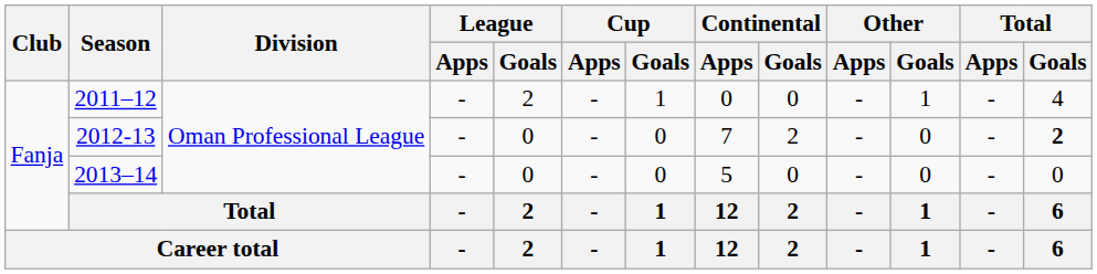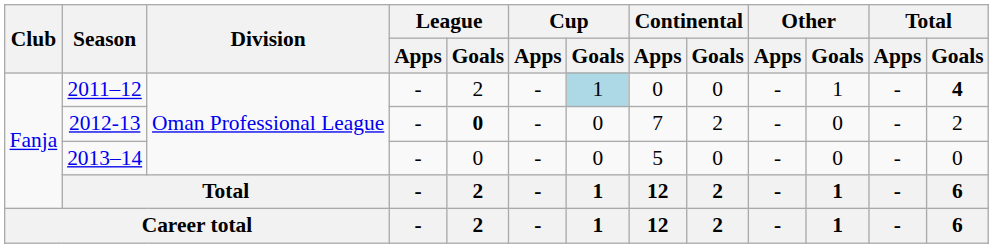 <table class="wikitable" style="text-align: center;">
 <tr>
 <th rowspan="2">Club</th>
 <th rowspan="2">Season</th>
 <th rowspan="2">Division</th>
 <th colspan="2">League</th>
 <th colspan="2">Cup</th>
 <th colspan="2">Continental</th>
 <th colspan="2">Other</th>
 <th colspan="2">Total</th>
 </tr>
 <tr>
 <th>Apps</th>
 <th>Goals</th>
 <th>Apps</th>
 <th>Goals</th>
 <th>Apps</th>
 <th>Goals</th>
 <th>Apps</th>
 <th>Goals</th>
 <th>Apps</th>
 <th>Goals</th>
 </tr>
 <tr>
 <td rowspan="4"><a href='#'>Fanja</a></td>
 <td><a href='#'>2011–12</a></td>
 <td rowspan="3"><a href='#'>Oman Professional League</a></td>
 <td>-</td>
 <td>2</td>
 <td>-</td>
-<td>1</td>
+<td style="background: lightblue;">1</td>
 <td>0</td>
 <td>0</td>
 <td>-</td>
 <td>1</td>
 <td>-</td>
-<td>4</td>
+<td><strong>4</strong></td>
 </tr>
 <tr>
 <td><a href='#'>2012-13</a></td>
 <td>-</td>
-<td>0</td>
+<td><strong>0</strong></td>
 <td>-</td>
 <td>0</td>
 <td>7</td>
 <td>2</td>
 <td>-</td>
 <td>0</td>
 <td>-</td>
-<td><strong>2</strong></td>
+<td>2</td>
 </tr>
 <tr>
 <td><a href='#'>2013–14</a></td>
 <td>-</td>
 <td>0</td>
 <td>-</td>
 <td>0</td>
 <td>5</td>
 <td>0</td>
 <td>-</td>
 <td>0</td>
 <td>-</td>
 <td>0</td>
 </tr>
 <tr>
 <th colspan="2">Total</th>
 <th>-</th>
 <th>2</th>
 <th>-</th>
 <th>1</th>
 <th>12</th>
 <th>2</th>
 <th>-</th>
 <th>1</th>
 <th>-</th>
 <th>6</th>
 </tr>
 <tr>
 <th colspan="3">Career total</th>
 <th>-</th>
 <th>2</th>
 <th>-</th>
 <th>1</th>
 <th>12</th>
 <th>2</th>
 <th>-</th>
 <th>1</th>
 <th>-</th>
 <th>6</th>
 </tr>
 </table>
